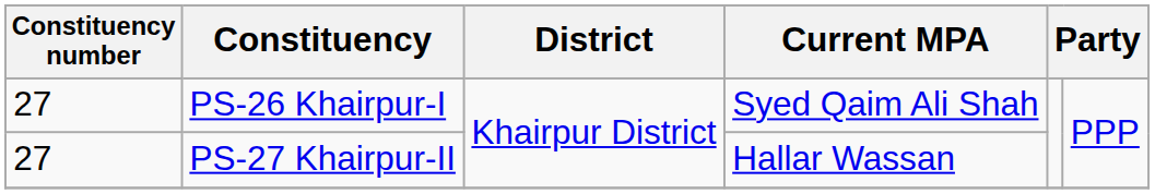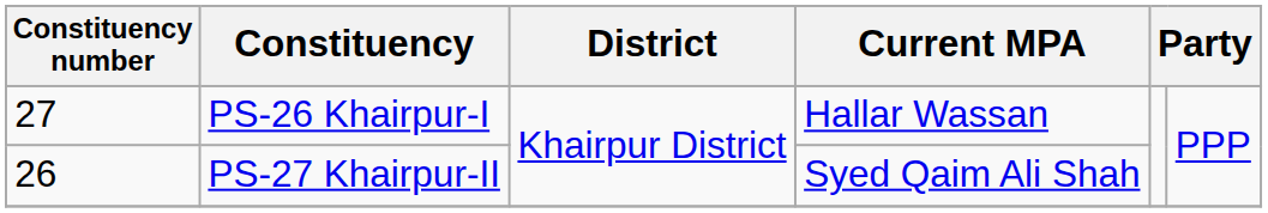 <table class="wikitable">
 <tr>
 <th width="50px" style="font-size:75%">Constituency number</th>
 <th>Constituency</th>
 <th>District</th>
 <th>Current MPA</th>
 <th colspan="2">Party</th>
 </tr>
 <tr>
 <td>27</td>
 <td><a href='#'>PS-26 Khairpur-I</a></td>
 <td rowspan="2"><a href='#'>Khairpur District</a></td>
-<td><a href='#'>Syed Qaim Ali Shah</a></td>
+<td><a href='#'>Hallar Wassan</a></td>
 <td rowspan="2"></td>
 <td rowspan="2"><a href='#'>PPP</a></td>
 </tr>
 <tr>
-<td>27</td>
+<td>26</td>
 <td><a href='#'>PS-27 Khairpur-II</a></td>
-<td><a href='#'>Hallar Wassan</a></td>
+<td><a href='#'>Syed Qaim Ali Shah</a></td>
 </tr>
 <tr>
 </tr>
 </table>
